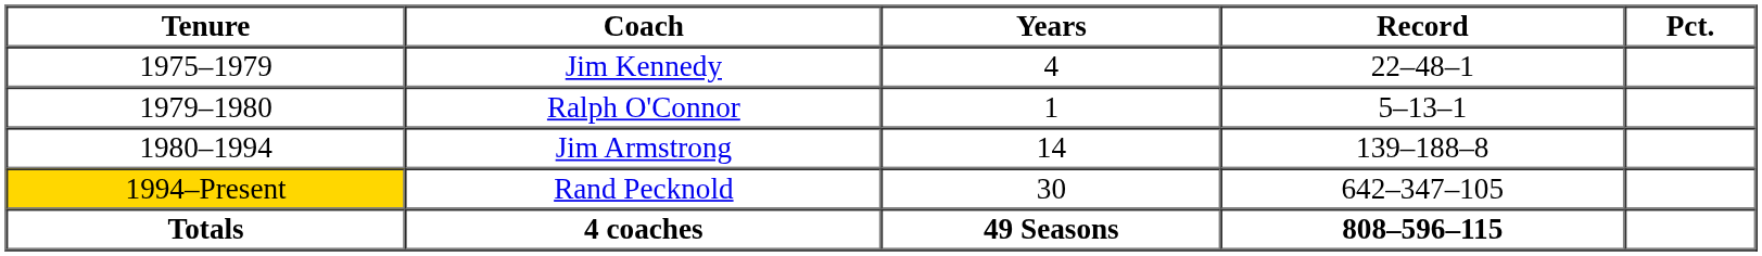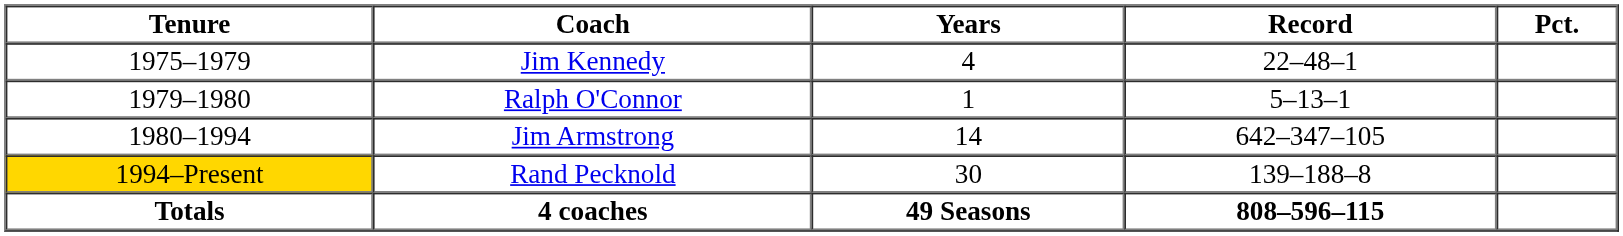 <table cellpadding="1" border="1" cellspacing="0" width="60%">
 <tr>
 <th>Tenure</th>
 <th>Coach</th>
 <th>Years</th>
 <th>Record</th>
 <th>Pct.</th>
 </tr>
 <tr align="center">
 <td>1975–1979</td>
 <td><a href='#'>Jim Kennedy</a></td>
 <td>4</td>
 <td>22–48–1</td>
 <td></td>
 </tr>
 <tr align="center">
 <td>1979–1980</td>
 <td><a href='#'>Ralph O'Connor</a></td>
 <td>1</td>
 <td>5–13–1</td>
 <td></td>
 </tr>
 <tr align="center">
 <td>1980–1994</td>
 <td><a href='#'>Jim Armstrong</a></td>
 <td>14</td>
-<td>139–188–8</td>
+<td>642–347–105</td>
 <td></td>
 </tr>
 <tr align="center">
 <td style="background: gold;">1994–Present</td>
 <td><a href='#'>Rand Pecknold</a></td>
 <td>30</td>
-<td>642–347–105</td>
+<td>139–188–8</td>
 <td></td>
 </tr>
 <tr style="text-align:center">
 <th>Totals</th>
 <th>4 coaches</th>
 <th>49 Seasons</th>
 <th>808–596–115</th>
 <th></th>
 </tr>
 </table>
